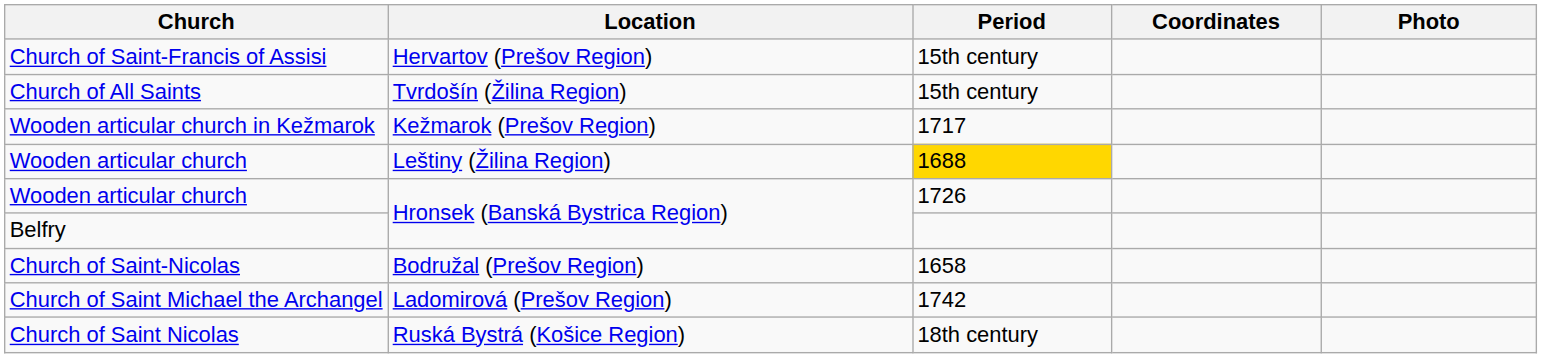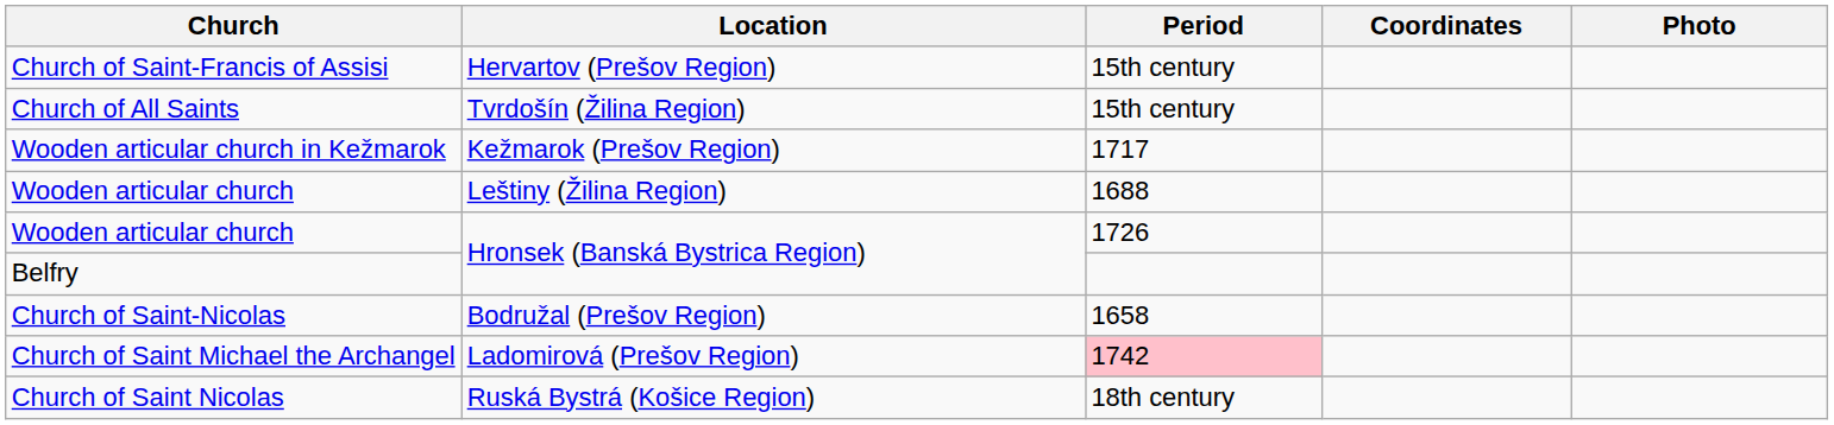 <table class="wikitable">
 <tr>
 <th scope="col" width="25%">Church</th>
 <th scope="col">Location</th>
 <th scope="col">Period</th>
 <th scope="col" class="unsortable">Coordinates</th>
 <th scope="col" class="unsortable" width="150px">Photo</th>
 </tr>
 <tr>
 <td><a href='#'>Church of Saint-Francis of Assisi</a></td>
 <td><a href='#'>Hervartov</a> (<a href='#'>Prešov Region</a>)</td>
 <td>15th century</td>
 <td></td>
 <td></td>
 </tr>
 <tr>
 <td><a href='#'>Church of All Saints</a></td>
 <td><a href='#'>Tvrdošín</a> (<a href='#'>Žilina Region</a>)</td>
 <td>15th century</td>
 <td></td>
 <td></td>
 </tr>
 <tr>
 <td><a href='#'>Wooden articular church in Kežmarok</a></td>
 <td><a href='#'>Kežmarok</a> (<a href='#'>Prešov Region</a>)</td>
 <td>1717</td>
 <td></td>
 <td></td>
 </tr>
 <tr>
 <td><a href='#'>Wooden articular church</a></td>
 <td><a href='#'>Leštiny</a> (<a href='#'>Žilina Region</a>)</td>
-<td style="background: gold;">1688</td>
+<td>1688</td>
 <td></td>
 <td></td>
 </tr>
 <tr>
 <td><a href='#'>Wooden articular church</a></td>
 <td rowspan="2"><a href='#'>Hronsek</a> (<a href='#'>Banská Bystrica Region</a>)</td>
 <td>1726</td>
 <td></td>
 <td></td>
 </tr>
 <tr>
 <td>Belfry</td>
 <td></td>
 <td></td>
 <td></td>
 </tr>
 <tr>
 <td><a href='#'>Church of Saint-Nicolas</a></td>
 <td><a href='#'>Bodružal</a> (<a href='#'>Prešov Region</a>)</td>
 <td>1658</td>
 <td></td>
 <td></td>
 </tr>
 <tr>
 <td><a href='#'>Church of Saint Michael the Archangel</a></td>
 <td><a href='#'>Ladomirová</a> (<a href='#'>Prešov Region</a>)</td>
-<td>1742</td>
+<td style="background: pink;">1742</td>
 <td></td>
 <td></td>
 </tr>
 <tr>
 <td><a href='#'>Church of Saint Nicolas</a></td>
 <td><a href='#'>Ruská Bystrá</a> (<a href='#'>Košice Region</a>)</td>
 <td>18th century</td>
 <td></td>
 <td></td>
 </tr>
 </table>
